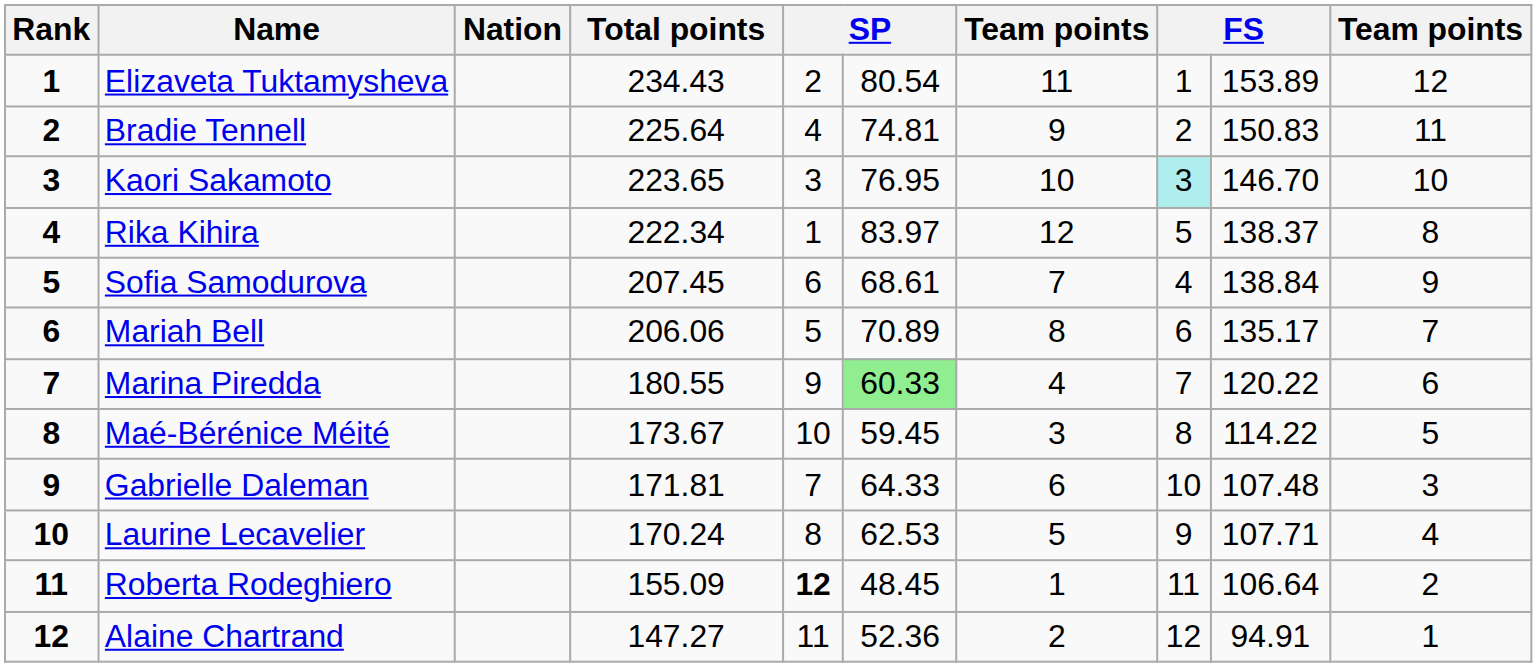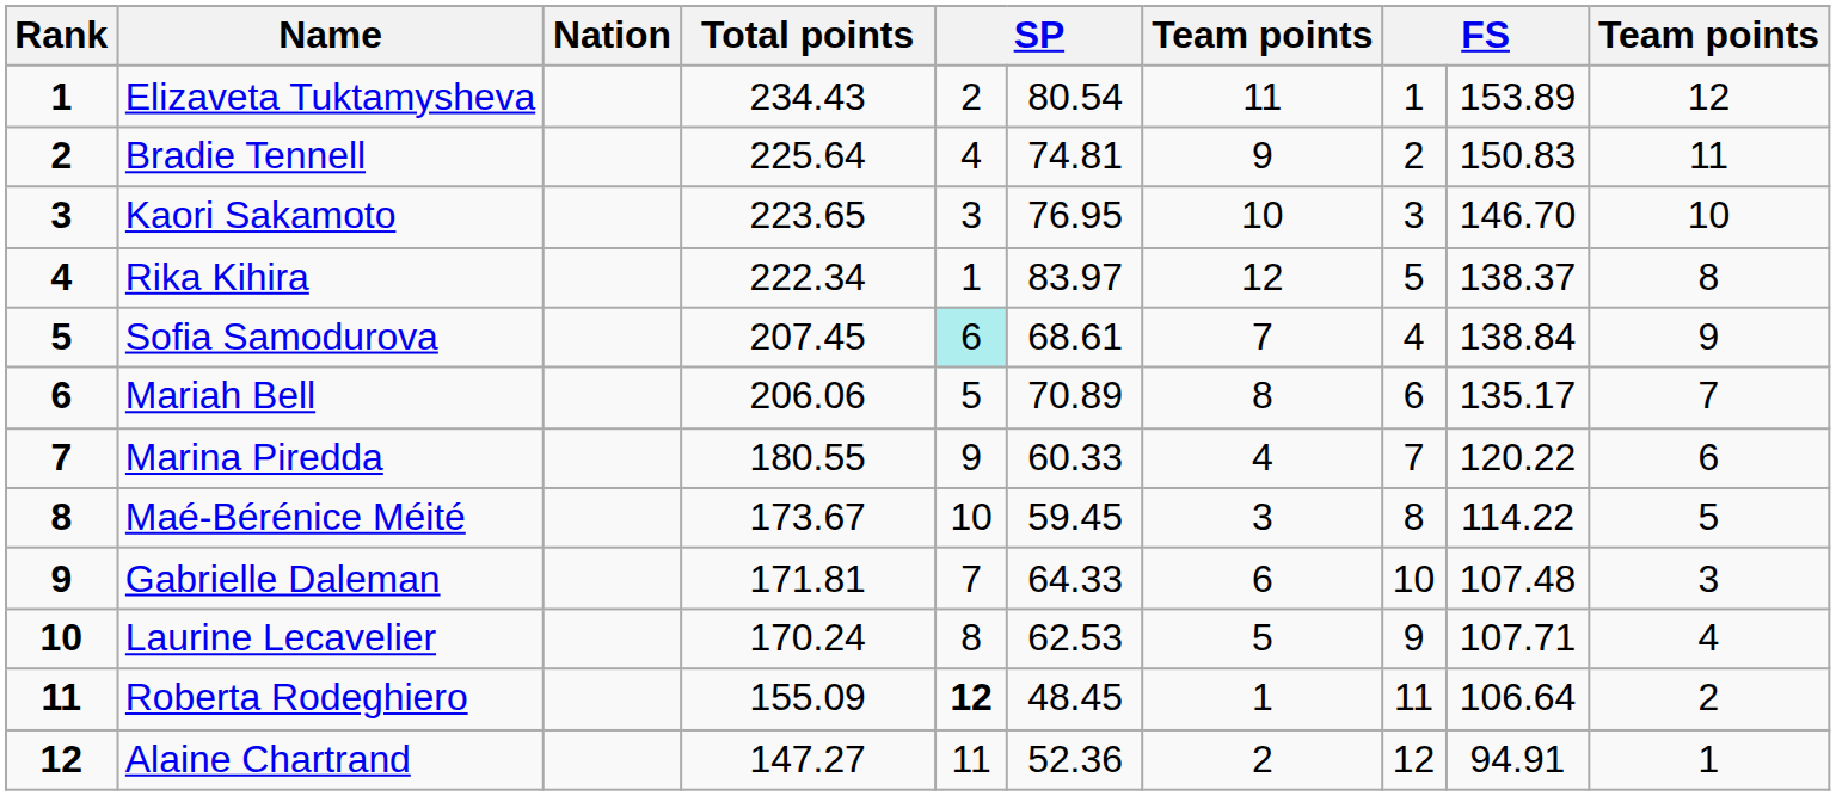 <table class="wikitable sortable">
 <tr>
 <th>Rank</th>
 <th>Name</th>
 <th>Nation</th>
 <th width="100">Total points</th>
 <th width="80" colspan="2"><a href='#'>SP</a></th>
 <th>Team points</th>
 <th width="80" colspan="2"><a href='#'>FS</a></th>
 <th>Team points</th>
 </tr>
 <tr>
 <td style="text-align: center;"><strong>1</strong></td>
 <td><a href='#'>Elizaveta Tuktamysheva</a></td>
 <td></td>
 <td style="text-align: center;">234.43</td>
 <td style="text-align: center;">2</td>
 <td style="text-align: center;">80.54</td>
 <td style="text-align: center;">11</td>
 <td style="text-align: center;">1</td>
 <td style="text-align: center;">153.89</td>
 <td style="text-align: center;">12</td>
 </tr>
 <tr>
 <td style="text-align: center;"><strong>2</strong></td>
 <td><a href='#'>Bradie Tennell</a></td>
 <td></td>
 <td style="text-align: center;">225.64</td>
 <td style="text-align: center;">4</td>
 <td style="text-align: center;">74.81</td>
 <td style="text-align: center;">9</td>
 <td style="text-align: center;">2</td>
 <td style="text-align: center;">150.83</td>
 <td style="text-align: center;">11</td>
 </tr>
 <tr>
 <td style="text-align: center;"><strong>3</strong></td>
 <td><a href='#'>Kaori Sakamoto</a></td>
 <td></td>
 <td style="text-align: center;">223.65</td>
 <td style="text-align: center;">3</td>
 <td style="text-align: center;">76.95</td>
 <td style="text-align: center;">10</td>
-<td style="background: paleturquoise; text-align: center;">3</td>
+<td style="text-align: center;">3</td>
 <td style="text-align: center;">146.70</td>
 <td style="text-align: center;">10</td>
 </tr>
 <tr>
 <td style="text-align: center;"><strong>4</strong></td>
 <td><a href='#'>Rika Kihira</a></td>
 <td></td>
 <td style="text-align: center;">222.34</td>
 <td style="text-align: center;">1</td>
 <td style="text-align: center;">83.97</td>
 <td style="text-align: center;">12</td>
 <td style="text-align: center;">5</td>
 <td style="text-align: center;">138.37</td>
 <td style="text-align: center;">8</td>
 </tr>
 <tr>
 <td style="text-align: center;"><strong>5</strong></td>
 <td><a href='#'>Sofia Samodurova</a></td>
 <td></td>
 <td style="text-align: center;">207.45</td>
-<td style="text-align: center;">6</td>
+<td style="background: paleturquoise; text-align: center;">6</td>
 <td style="text-align: center;">68.61</td>
 <td style="text-align: center;">7</td>
 <td style="text-align: center;">4</td>
 <td style="text-align: center;">138.84</td>
 <td style="text-align: center;">9</td>
 </tr>
 <tr>
 <td style="text-align: center;"><strong>6</strong></td>
 <td><a href='#'>Mariah Bell</a></td>
 <td></td>
 <td style="text-align: center;">206.06</td>
 <td style="text-align: center;">5</td>
 <td style="text-align: center;">70.89</td>
 <td style="text-align: center;">8</td>
 <td style="text-align: center;">6</td>
 <td style="text-align: center;">135.17</td>
 <td style="text-align: center;">7</td>
 </tr>
 <tr>
 <td style="text-align: center;"><strong>7</strong></td>
 <td><a href='#'>Marina Piredda</a></td>
 <td></td>
 <td style="text-align: center;">180.55</td>
 <td style="text-align: center;">9</td>
-<td style="background: lightgreen; text-align: center;">60.33</td>
+<td style="text-align: center;">60.33</td>
 <td style="text-align: center;">4</td>
 <td style="text-align: center;">7</td>
 <td style="text-align: center;">120.22</td>
 <td style="text-align: center;">6</td>
 </tr>
 <tr>
 <td style="text-align: center;"><strong>8</strong></td>
 <td><a href='#'>Maé-Bérénice Méité</a></td>
 <td></td>
 <td style="text-align: center;">173.67</td>
 <td style="text-align: center;">10</td>
 <td style="text-align: center;">59.45</td>
 <td style="text-align: center;">3</td>
 <td style="text-align: center;">8</td>
 <td style="text-align: center;">114.22</td>
 <td style="text-align: center;">5</td>
 </tr>
 <tr>
 <td style="text-align: center;"><strong>9</strong></td>
 <td><a href='#'>Gabrielle Daleman</a></td>
 <td></td>
 <td style="text-align: center;">171.81</td>
 <td style="text-align: center;">7</td>
 <td style="text-align: center;">64.33</td>
 <td style="text-align: center;">6</td>
 <td style="text-align: center;">10</td>
 <td style="text-align: center;">107.48</td>
 <td style="text-align: center;">3</td>
 </tr>
 <tr>
 <td style="text-align: center;"><strong>10</strong></td>
 <td><a href='#'>Laurine Lecavelier</a></td>
 <td></td>
 <td style="text-align: center;">170.24</td>
 <td style="text-align: center;">8</td>
 <td style="text-align: center;">62.53</td>
 <td style="text-align: center;">5</td>
 <td style="text-align: center;">9</td>
 <td style="text-align: center;">107.71</td>
 <td style="text-align: center;">4</td>
 </tr>
 <tr>
 <td style="text-align: center;"><strong>11</strong></td>
 <td><a href='#'>Roberta Rodeghiero</a></td>
 <td></td>
 <td style="text-align: center;">155.09</td>
 <td style="text-align: center;"><strong>12</strong></td>
 <td style="text-align: center;">48.45</td>
 <td style="text-align: center;">1</td>
 <td style="text-align: center;">11</td>
 <td style="text-align: center;">106.64</td>
 <td style="text-align: center;">2</td>
 </tr>
 <tr>
 <td style="text-align: center;"><strong>12</strong></td>
 <td><a href='#'>Alaine Chartrand</a></td>
 <td></td>
 <td style="text-align: center;">147.27</td>
 <td style="text-align: center;">11</td>
 <td style="text-align: center;">52.36</td>
 <td style="text-align: center;">2</td>
 <td style="text-align: center;">12</td>
 <td style="text-align: center;">94.91</td>
 <td style="text-align: center;">1</td>
 </tr>
 </table>
